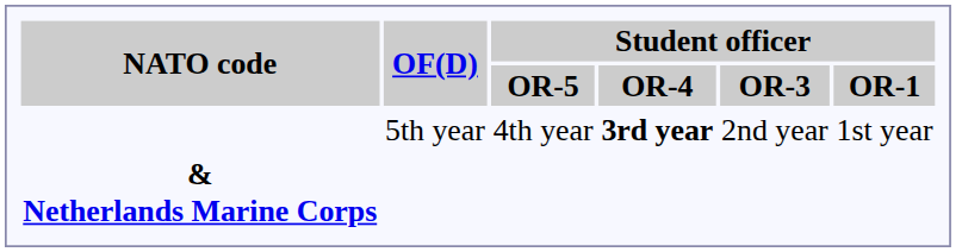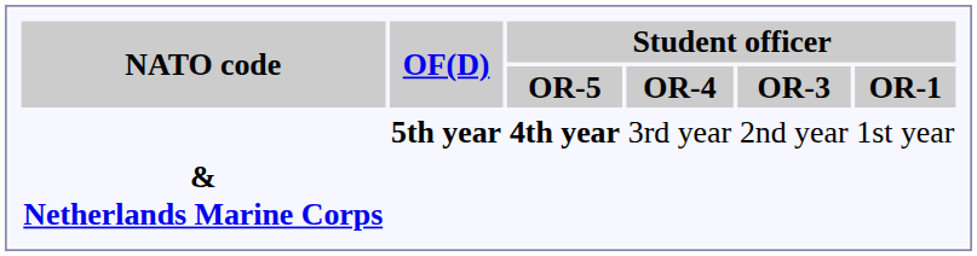 <table style="border:1px solid #8888aa; background-color:#f7f8ff; padding:5px; font-size:95%; margin: 0px 12px 12px 0px;">
 <tr style="background-color:#CCCCCC;">
 <th rowspan=2>NATO code</th>
 <th rowspan=2><a href='#'>OF(D)</a></th>
 <th colspan=6>Student officer</th>
 </tr>
 <tr style="background-color:#CCCCCC;">
 <th>OR-5</th>
 <th>OR-4</th>
 <th colspan=2>OR-3</th>
 <th colspan=2>OR-1</th>
 </tr>
 <tr style="text-align:center;">
 <th></th>
-<td colspan=1>5th year</td>
-<td colspan=1>4th year</td>
-<td colspan=1><strong>3rd year</strong></td>
+<td colspan=1><strong>5th year</strong></td>
+<td colspan=1><strong>4th year</strong></td>
+<td colspan=1>3rd year</td>
 <td colspan=2>2nd year</td>
 <td colspan=2>1st year</td>
 </tr>
 <tr style="text-align:center;">
 <td rowspan=2><strong> &<br><a href='#'>Netherlands Marine Corps</a></strong></td>
 <td colspan=1></td>
 <td colspan=1></td>
 <td colspan=1></td>
 <td colspan=2></td>
 <td colspan=2></td>
 </tr>
 <tr style="text-align:center;">
 <td colspan=1></td>
 <td colspan=1></td>
 <td colspan=1></td>
 <td colspan=2></td>
 <td colspan=2></td>
 </tr>
 </table>
